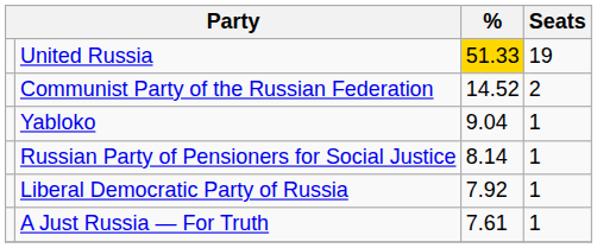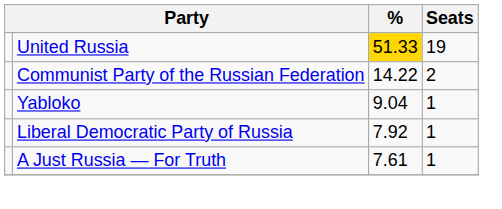 <table class="wikitable">
 <tr>
 <th colspan=2>Party</th>
 <th>%</th>
 <th>Seats</th>
 </tr>
 <tr>
 <td style="background:"></td>
 <td><a href='#'>United Russia</a></td>
 <td style="background: gold;">51.33</td>
 <td>19</td>
 </tr>
 <tr>
 <td style="background:"></td>
 <td><a href='#'>Communist Party of the Russian Federation</a></td>
-<td>14.52</td>
+<td>14.22</td>
 <td>2</td>
 </tr>
 <tr>
 <td style="background:"></td>
 <td><a href='#'>Yabloko</a></td>
 <td>9.04</td>
-<td>1</td>
-</tr>
-<tr>
-<td style="background:"></td>
-<td><a href='#'>Russian Party of Pensioners for Social Justice</a></td>
-<td>8.14</td>
 <td>1</td>
 </tr>
 <tr>
 <td style="background:"></td>
 <td><a href='#'>Liberal Democratic Party of Russia</a></td>
 <td>7.92</td>
 <td>1</td>
 </tr>
 <tr>
 <td style="background:"></td>
 <td><a href='#'>A Just Russia — For Truth</a></td>
 <td>7.61</td>
 <td>1</td>
 </tr>
 <tr>
 </tr>
 </table>
